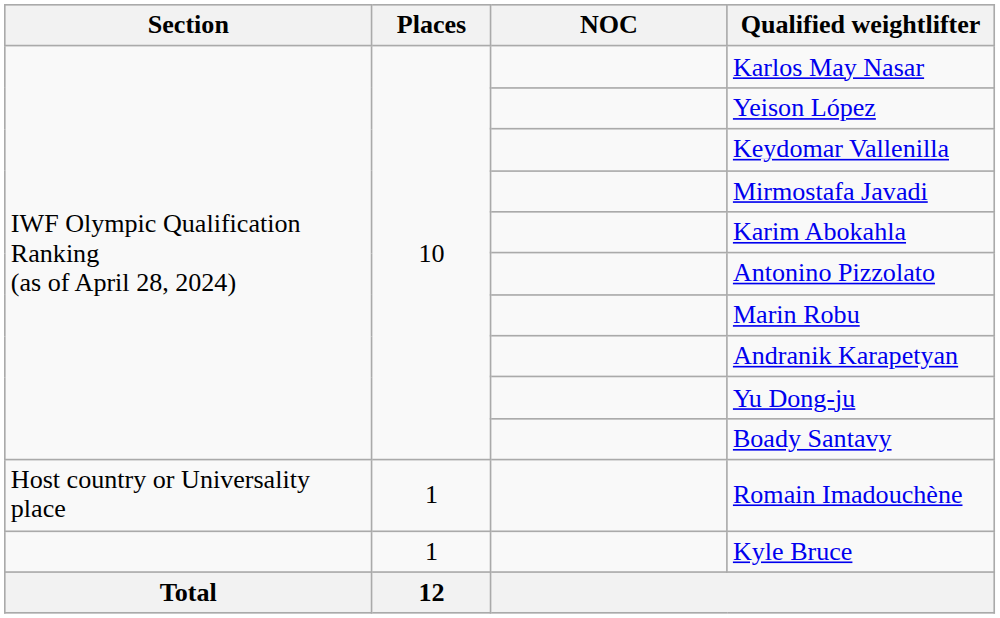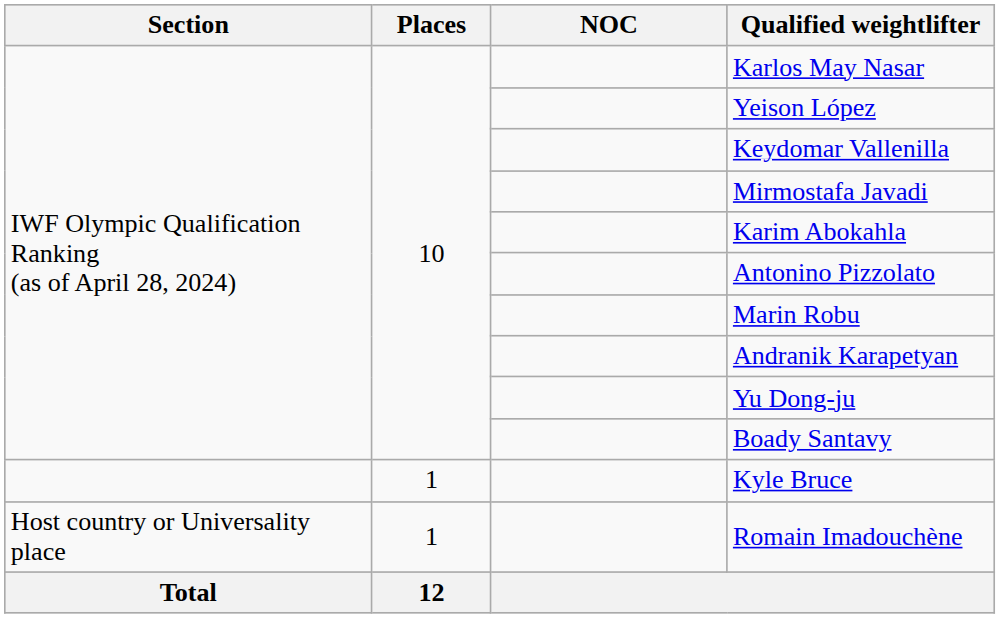 <table class="wikitable">
 <tr>
 <th width=300>Section</th>
 <th width=80>Places</th>
 <th width=200>NOC</th>
 <th width=200>Qualified weightlifter</th>
 </tr>
 <tr>
 <td rowspan=10>IWF Olympic Qualification Ranking<br>(as of April 28, 2024)</td>
 <td rowspan=10 align=center>10</td>
 <td></td>
 <td><a href='#'>Karlos May Nasar</a></td>
 </tr>
 <tr>
 <td></td>
 <td><a href='#'>Yeison López</a></td>
 </tr>
 <tr>
 <td></td>
 <td><a href='#'>Keydomar Vallenilla</a></td>
 </tr>
 <tr>
 <td></td>
 <td><a href='#'>Mirmostafa Javadi</a></td>
 </tr>
 <tr>
 <td></td>
 <td><a href='#'>Karim Abokahla</a></td>
 </tr>
 <tr>
 <td></td>
 <td><a href='#'>Antonino Pizzolato</a></td>
 </tr>
 <tr>
 <td></td>
 <td><a href='#'>Marin Robu</a></td>
 </tr>
 <tr>
 <td></td>
 <td><a href='#'>Andranik Karapetyan</a></td>
 </tr>
 <tr>
 <td></td>
 <td><a href='#'>Yu Dong-ju</a></td>
 </tr>
 <tr>
 <td></td>
 <td><a href='#'>Boady Santavy</a></td>
 </tr>
 <tr>
+<td></td>
+<td align=center>1</td>
+<td></td>
+<td><a href='#'>Kyle Bruce</a></td>
+</tr>
+<tr>
 <td>Host country or Universality place</td>
 <td align=center>1</td>
 <td></td>
 <td><a href='#'>Romain Imadouchène</a></td>
-</tr>
-<tr>
-<td></td>
-<td align=center>1</td>
-<td></td>
-<td><a href='#'>Kyle Bruce</a></td>
 </tr>
 <tr>
 <th>Total</th>
 <th>12</th>
 <th colspan=2></th>
 </tr>
 </table>
